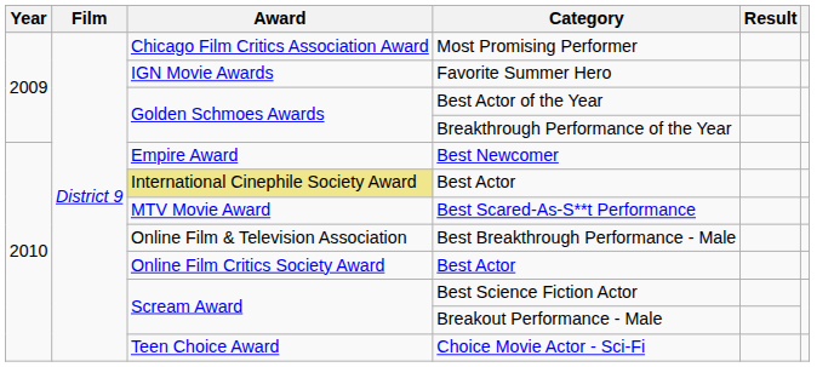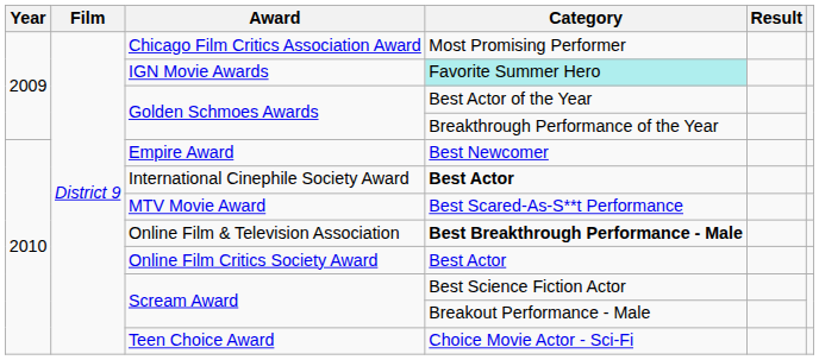 <table class="wikitable">
 <tr>
 <th>Year</th>
 <th>Film</th>
 <th>Award</th>
 <th>Category</th>
 <th>Result</th>
 <th></th>
 </tr>
 <tr>
 <td rowspan="4">2009</td>
 <td rowspan="13"><em><a href='#'>District 9</a></em></td>
 <td><a href='#'>Chicago Film Critics Association Award</a></td>
 <td>Most Promising Performer</td>
 <td></td>
 <td></td>
 </tr>
 <tr>
 <td><a href='#'>IGN Movie Awards</a></td>
-<td>Favorite Summer Hero</td>
+<td style="background: paleturquoise;">Favorite Summer Hero</td>
 <td></td>
 <td></td>
 </tr>
 <tr>
 <td rowspan="2"><a href='#'>Golden Schmoes Awards</a></td>
 <td>Best Actor of the Year</td>
 <td></td>
 <td rowspan="2"></td>
 </tr>
 <tr>
 <td>Breakthrough Performance of the Year</td>
 <td></td>
 </tr>
 <tr>
 <td rowspan="8">2010</td>
 <td><a href='#'>Empire Award</a></td>
 <td><a href='#'>Best Newcomer</a></td>
 <td></td>
 <td></td>
 </tr>
 <tr>
-<td style="background: khaki;">International Cinephile Society Award</td>
-<td>Best Actor</td>
+<td>International Cinephile Society Award</td>
+<td><strong>Best Actor</strong></td>
 <td></td>
 <td></td>
 </tr>
 <tr>
 <td><a href='#'>MTV Movie Award</a></td>
 <td><a href='#'>Best Scared-As-S**t Performance</a></td>
 <td></td>
 <td></td>
 </tr>
 <tr>
 <td>Online Film & Television Association</td>
-<td>Best Breakthrough Performance - Male</td>
+<td><strong>Best Breakthrough Performance - Male</strong></td>
 <td></td>
 <td></td>
 </tr>
 <tr>
 <td><a href='#'>Online Film Critics Society Award</a></td>
 <td><a href='#'>Best Actor</a></td>
 <td></td>
 <td></td>
 </tr>
 <tr>
 <td rowspan="2"><a href='#'>Scream Award</a></td>
 <td>Best Science Fiction Actor</td>
 <td></td>
 <td rowspan="2"></td>
 </tr>
 <tr>
 <td>Breakout Performance - Male</td>
 <td></td>
 </tr>
 <tr>
 <td><a href='#'>Teen Choice Award</a></td>
 <td><a href='#'>Choice Movie Actor - Sci-Fi</a></td>
 <td></td>
 <td></td>
 </tr>
 </table>
